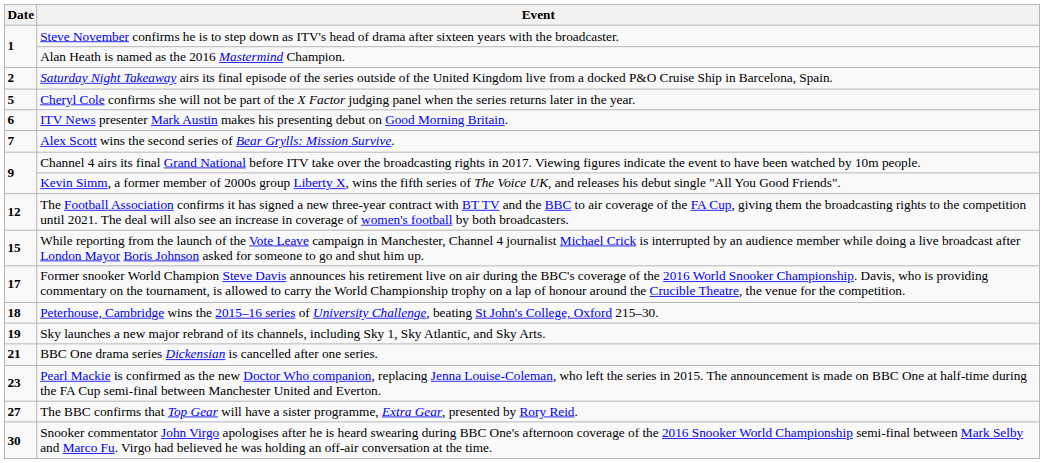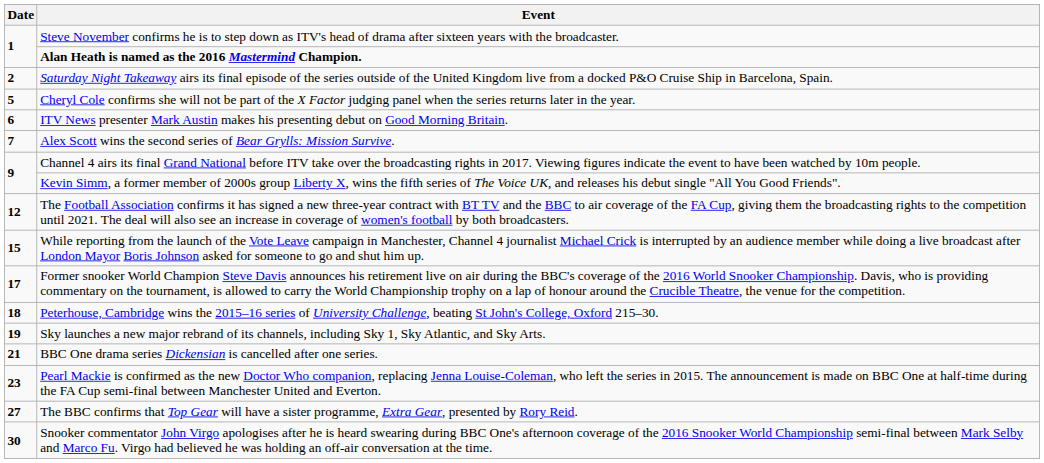 <table class="wikitable">
 <tr>
 <th>Date</th>
 <th>Event</th>
 </tr>
 <tr>
 <td rowspan=2><strong>1</strong></td>
 <td><a href='#'>Steve November</a> confirms he is to step down as ITV's head of drama after sixteen years with the broadcaster.</td>
 </tr>
 <tr>
-<td>Alan Heath is named as the 2016 <em><a href='#'>Mastermind</a></em> Champion.</td>
+<td><strong>Alan Heath is named as the 2016 <em><a href='#'>Mastermind</a></em> Champion.</strong></td>
 </tr>
 <tr>
 <td><strong>2</strong></td>
 <td><em><a href='#'>Saturday Night Takeaway</a></em> airs its final episode of the series outside of the United Kingdom live from a docked P&O Cruise Ship in Barcelona, Spain.</td>
 </tr>
 <tr>
 <td><strong>5</strong></td>
 <td><a href='#'>Cheryl Cole</a> confirms she will not be part of the <em>X Factor</em> judging panel when the series returns later in the year.</td>
 </tr>
 <tr>
 <td><strong>6</strong></td>
 <td><a href='#'>ITV News</a> presenter <a href='#'>Mark Austin</a> makes his presenting debut on <a href='#'>Good Morning Britain</a>.</td>
 </tr>
 <tr>
 <td><strong>7</strong></td>
 <td><a href='#'>Alex Scott</a> wins the second series of <em><a href='#'>Bear Grylls: Mission Survive</a></em>.</td>
 </tr>
 <tr>
 <td rowspan=2><strong>9</strong></td>
 <td>Channel 4 airs its final <a href='#'>Grand National</a> before ITV take over the broadcasting rights in 2017. Viewing figures indicate the event to have been watched by 10m people.</td>
 </tr>
 <tr>
 <td><a href='#'>Kevin Simm</a>, a former member of 2000s group <a href='#'>Liberty X</a>, wins the fifth series of <em>The Voice UK</em>, and releases his debut single "All You Good Friends".</td>
 </tr>
 <tr>
 <td><strong>12</strong></td>
 <td>The <a href='#'>Football Association</a> confirms it has signed a new three-year contract with <a href='#'>BT TV</a> and the <a href='#'>BBC</a> to air coverage of the <a href='#'>FA Cup</a>, giving them the broadcasting rights to the competition until 2021. The deal will also see an increase in coverage of <a href='#'>women's football</a> by both broadcasters.</td>
 </tr>
 <tr>
 <td><strong>15</strong></td>
 <td>While reporting from the launch of the <a href='#'>Vote Leave</a> campaign in Manchester, Channel 4 journalist <a href='#'>Michael Crick</a> is interrupted by an audience member while doing a live broadcast after <a href='#'>London Mayor</a> <a href='#'>Boris Johnson</a> asked for someone to go and shut him up.</td>
 </tr>
 <tr>
 <td><strong>17</strong></td>
 <td>Former snooker World Champion <a href='#'>Steve Davis</a> announces his retirement live on air during the BBC's coverage of the <a href='#'>2016 World Snooker Championship</a>. Davis, who is providing commentary on the tournament, is allowed to carry the World Championship trophy on a lap of honour around the <a href='#'>Crucible Theatre</a>, the venue for the competition.</td>
 </tr>
 <tr>
 <td><strong>18</strong></td>
 <td><a href='#'>Peterhouse, Cambridge</a> wins the <a href='#'>2015–16 series</a> of <em><a href='#'>University Challenge</a></em>, beating <a href='#'>St John's College, Oxford</a> 215–30.</td>
 </tr>
 <tr>
 <td><strong>19</strong></td>
 <td>Sky launches a new major rebrand of its channels, including Sky 1, Sky Atlantic, and Sky Arts.</td>
 </tr>
 <tr>
 <td><strong>21</strong></td>
 <td>BBC One drama series <em><a href='#'>Dickensian</a></em> is cancelled after one series.</td>
 </tr>
 <tr>
 <td><strong>23</strong></td>
 <td><a href='#'>Pearl Mackie</a> is confirmed as the new <a href='#'>Doctor Who companion</a>, replacing <a href='#'>Jenna Louise-Coleman</a>, who left the series in 2015. The announcement is made on BBC One at half-time during the FA Cup semi-final between Manchester United and Everton.</td>
 </tr>
 <tr>
 <td><strong>27</strong></td>
 <td>The BBC confirms that <em><a href='#'>Top Gear</a></em> will have a sister programme, <em><a href='#'>Extra Gear</a></em>, presented by <a href='#'>Rory Reid</a>.</td>
 </tr>
 <tr>
 <td><strong>30</strong></td>
 <td>Snooker commentator <a href='#'>John Virgo</a> apologises after he is heard swearing during BBC One's afternoon coverage of the <a href='#'>2016 Snooker World Championship</a> semi-final between <a href='#'>Mark Selby</a> and <a href='#'>Marco Fu</a>. Virgo had believed he was holding an off-air conversation at the time.</td>
 </tr>
 </table>
